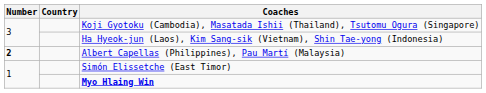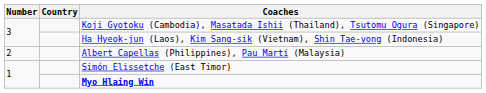 <table class="wikitable">
 <tr>
 <th>Number</th>
 <th>Country</th>
 <th>Coaches</th>
 </tr>
 <tr>
 <td rowspan="2">3</td>
 <td></td>
 <td><a href='#'>Koji Gyotoku</a> (Cambodia), <a href='#'>Masatada Ishii</a> (Thailand), <a href='#'>Tsutomu Ogura</a> (Singapore)</td>
 </tr>
 <tr>
 <td></td>
 <td><a href='#'>Ha Hyeok-jun</a> (Laos), <a href='#'>Kim Sang-sik</a> (Vietnam), <a href='#'>Shin Tae-yong</a> (Indonesia)</td>
 </tr>
 <tr>
-<td rowspan="1"><strong>2</strong></td>
+<td rowspan="1">2</td>
 <td></td>
 <td><a href='#'>Albert Capellas</a> (Philippines), <a href='#'>Pau Martí</a> (Malaysia)</td>
 </tr>
 <tr>
 <td rowspan="2">1</td>
 <td></td>
 <td><a href='#'>Simón Elissetche</a> (East Timor)</td>
 </tr>
 <tr>
 <td></td>
 <td><strong><a href='#'>Myo Hlaing Win</a></strong></td>
 </tr>
 </table>
